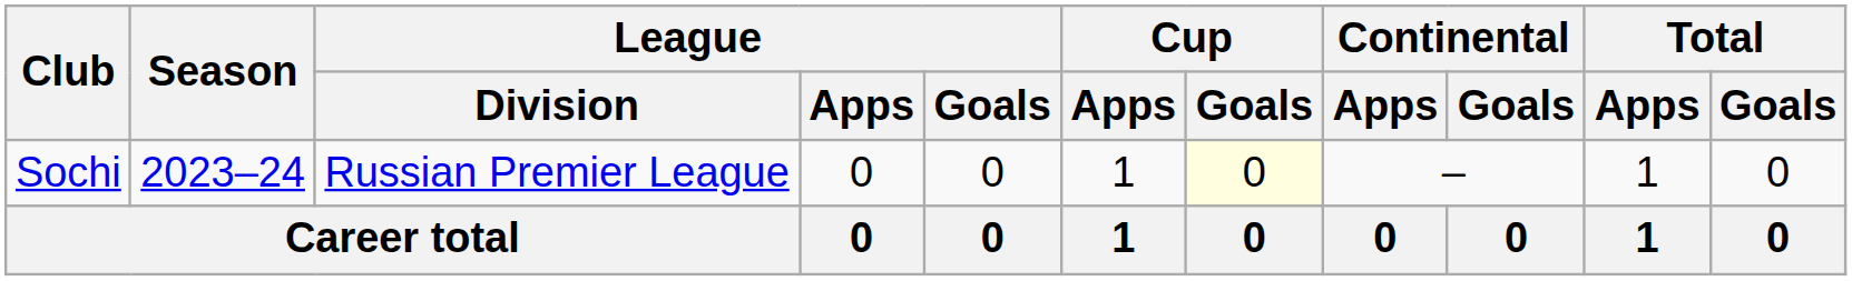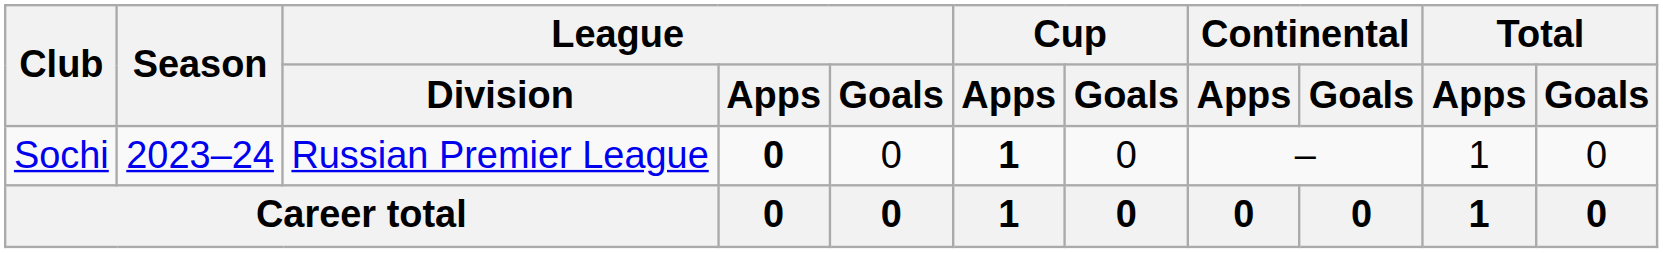 <table class="wikitable" style="text-align: center;">
 <tr>
 <th rowspan=2>Club</th>
 <th rowspan=2>Season</th>
 <th colspan=3>League</th>
 <th colspan=2>Cup</th>
 <th colspan=2>Continental</th>
 <th colspan=2>Total</th>
 </tr>
 <tr>
 <th>Division</th>
 <th>Apps</th>
 <th>Goals</th>
 <th>Apps</th>
 <th>Goals</th>
 <th>Apps</th>
 <th>Goals</th>
 <th>Apps</th>
 <th>Goals</th>
 </tr>
 <tr>
 <td><a href='#'>Sochi</a></td>
 <td><a href='#'>2023–24</a></td>
 <td><a href='#'>Russian Premier League</a></td>
+<td><strong>0</strong></td>
 <td>0</td>
+<td><strong>1</strong></td>
 <td>0</td>
-<td>1</td>
-<td style="background: lightyellow;">0</td>
 <td colspan=2>–</td>
 <td>1</td>
 <td>0</td>
 </tr>
 <tr>
 <th colspan=3>Career total</th>
 <th>0</th>
 <th>0</th>
 <th>1</th>
 <th>0</th>
 <th>0</th>
 <th>0</th>
 <th>1</th>
 <th>0</th>
 </tr>
 </table>
